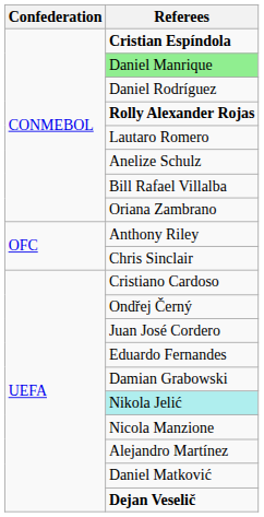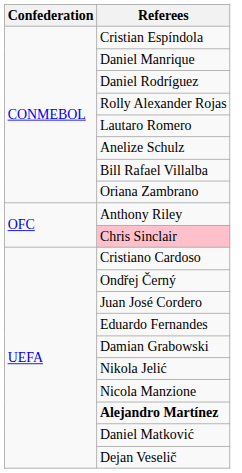 <table class="wikitable">
 <tr>
 <th>Confederation</th>
 <th>Referees</th>
 </tr>
 <tr>
 <td rowspan="8"><a href='#'>CONMEBOL</a></td>
-<td><strong> Cristian Espíndola</strong></td>
+<td> Cristian Espíndola</td>
 </tr>
 <tr>
-<td style="background: lightgreen;"> Daniel Manrique</td>
+<td> Daniel Manrique</td>
 </tr>
 <tr>
 <td> Daniel Rodríguez</td>
 </tr>
 <tr>
-<td><strong> Rolly Alexander Rojas</strong></td>
+<td> Rolly Alexander Rojas</td>
 </tr>
 <tr>
 <td> Lautaro Romero</td>
 </tr>
 <tr>
 <td> Anelize Schulz</td>
 </tr>
 <tr>
 <td>  Bill Rafael Villalba</td>
 </tr>
 <tr>
 <td> Oriana Zambrano</td>
 </tr>
 <tr>
 <td rowspan="2"><a href='#'>OFC</a></td>
 <td> Anthony Riley</td>
 </tr>
 <tr>
-<td> Chris Sinclair</td>
+<td style="background: pink;"> Chris Sinclair</td>
 </tr>
 <tr>
 <td rowspan="10"><a href='#'>UEFA</a></td>
 <td> Cristiano Cardoso</td>
 </tr>
 <tr>
 <td> Ondřej Černý</td>
 </tr>
 <tr>
 <td> Juan José Cordero</td>
 </tr>
 <tr>
 <td> Eduardo Fernandes</td>
 </tr>
 <tr>
 <td> Damian Grabowski</td>
 </tr>
 <tr>
-<td style="background: paleturquoise;"> Nikola Jelić</td>
+<td> Nikola Jelić</td>
 </tr>
 <tr>
 <td> Nicola Manzione</td>
 </tr>
 <tr>
-<td> Alejandro Martínez</td>
+<td><strong> Alejandro Martínez</strong></td>
 </tr>
 <tr>
 <td> Daniel Matković</td>
 </tr>
 <tr>
-<td><strong> Dejan Veselič</strong></td>
+<td> Dejan Veselič</td>
 </tr>
 </table>
